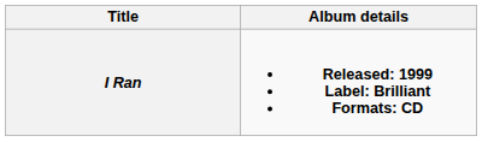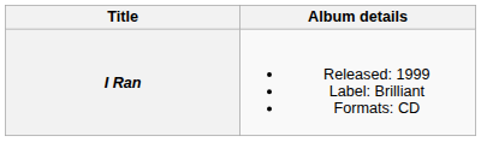 <table class="wikitable plainrowheaders" style="text-align:center;">
 <tr>
 <th scope="col" style="width:15em;">Title</th>
 <th scope="col" style="width:15em;">Album details</th>
 </tr>
 <tr>
 <th scope="row"><em>I Ran</em></th>
-<td><strong><br><ul><li>Released: 1999</li><li>Label: Brilliant</li><li>Formats: CD</li></ul></strong></td>
+<td><br><ul><li>Released: 1999</li><li>Label: Brilliant</li><li>Formats: CD</li></ul></td>
 </tr>
 </table>
